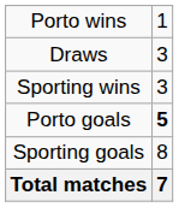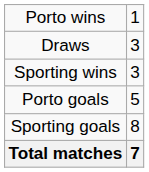 <table class="wikitable" style="text-align:center">
 <tr>
 <td>Porto wins</td>
 <td>1</td>
 </tr>
 <tr>
 <td>Draws</td>
 <td>3</td>
 </tr>
 <tr>
 <td>Sporting wins</td>
 <td>3</td>
 </tr>
 <tr>
 <td>Porto goals</td>
-<td><strong>5</strong></td>
+<td>5</td>
 </tr>
 <tr>
 <td>Sporting goals</td>
 <td>8</td>
 </tr>
 <tr>
 <th>Total matches</th>
 <th>7</th>
 </tr>
 </table>
